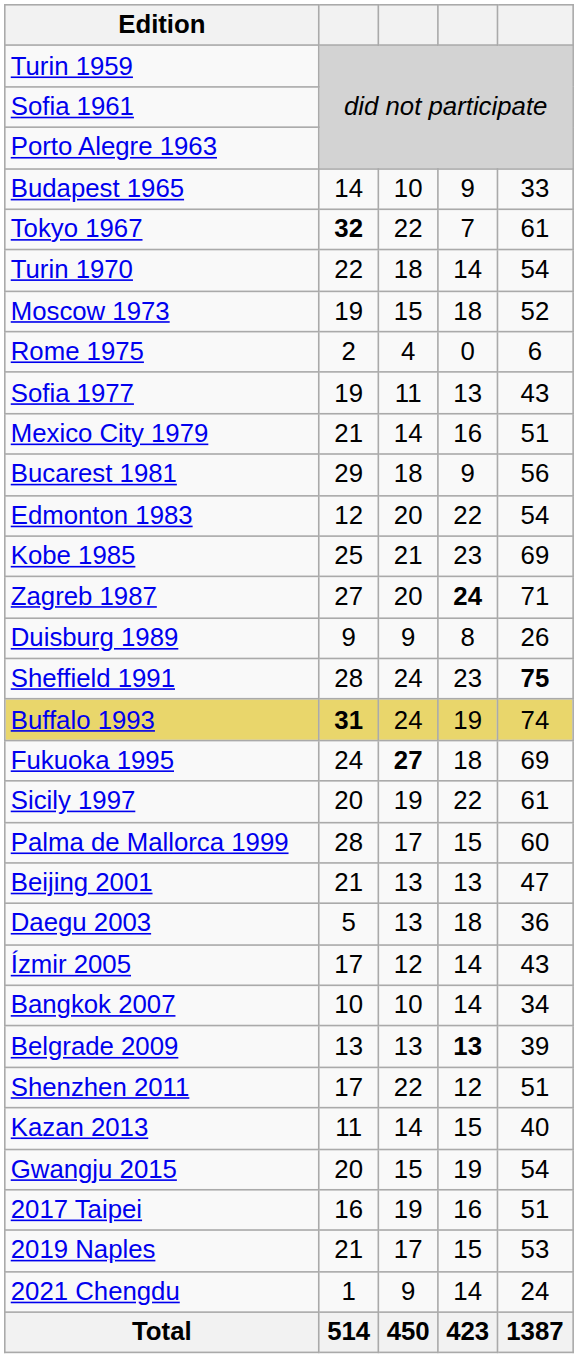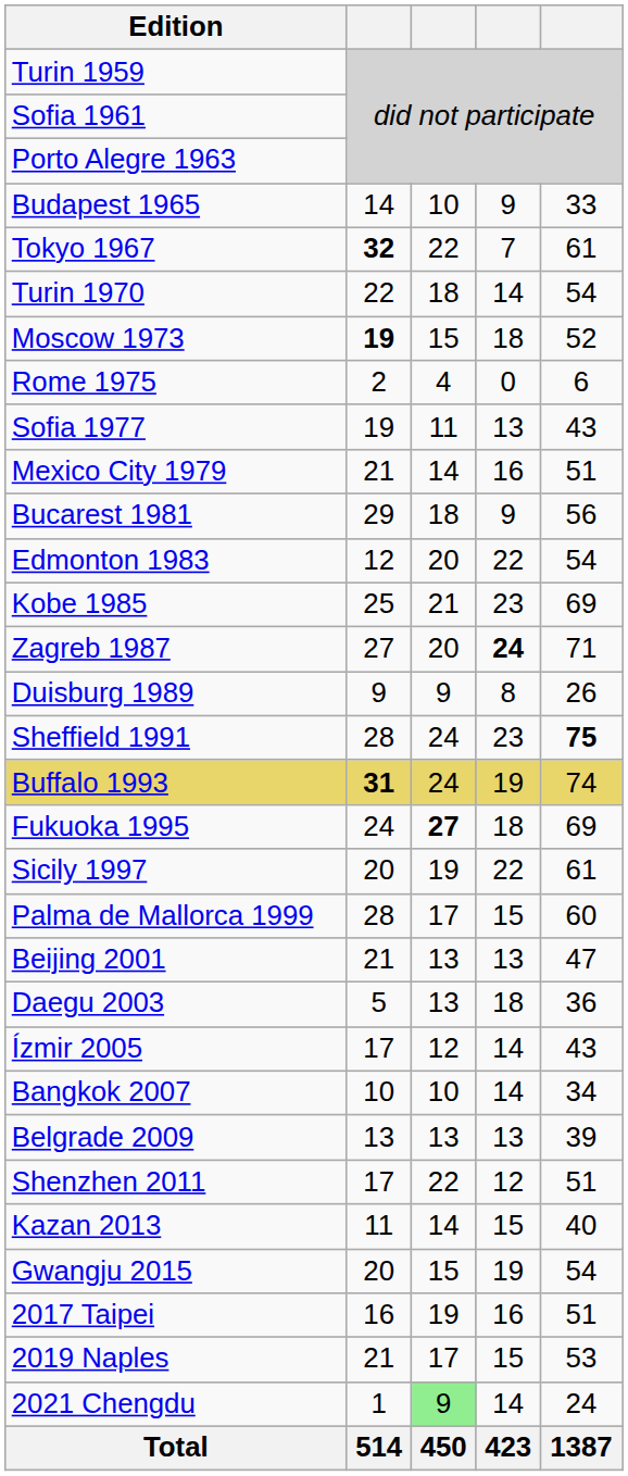 <table class="wikitable" width=40% style="font-size:100%; text-align:center;">
 <tr>
 <th>Edition</th>
 <th></th>
 <th></th>
 <th></th>
 <th></th>
 </tr>
 <tr>
 <td align=left> <a href='#'>Turin 1959</a></td>
 <td rowspan=3 colspan=4 bgcolor=lightgrey><em>did not participate</em></td>
 </tr>
 <tr>
 <td align=left> <a href='#'>Sofia 1961</a></td>
 </tr>
 <tr>
 <td align=left> <a href='#'>Porto Alegre 1963</a></td>
 </tr>
 <tr>
 <td align=left> <a href='#'>Budapest 1965</a></td>
 <td>14</td>
 <td>10</td>
 <td>9</td>
 <td>33</td>
 </tr>
 <tr>
 <td align=left> <a href='#'>Tokyo 1967</a></td>
 <td><strong>32</strong></td>
 <td>22</td>
 <td>7</td>
 <td>61</td>
 </tr>
 <tr>
 <td align=left> <a href='#'>Turin 1970</a></td>
 <td>22</td>
 <td>18</td>
 <td>14</td>
 <td>54</td>
 </tr>
 <tr>
 <td align=left> <a href='#'>Moscow 1973</a></td>
-<td>19</td>
+<td><strong>19</strong></td>
 <td>15</td>
 <td>18</td>
 <td>52</td>
 </tr>
 <tr>
 <td align=left> <a href='#'>Rome 1975</a></td>
 <td>2</td>
 <td>4</td>
 <td>0</td>
 <td>6</td>
 </tr>
 <tr>
 <td align=left> <a href='#'>Sofia 1977</a></td>
 <td>19</td>
 <td>11</td>
 <td>13</td>
 <td>43</td>
 </tr>
 <tr>
 <td align=left> <a href='#'>Mexico City 1979</a></td>
 <td>21</td>
 <td>14</td>
 <td>16</td>
 <td>51</td>
 </tr>
 <tr>
 <td align=left> <a href='#'>Bucarest 1981</a></td>
 <td>29</td>
 <td>18</td>
 <td>9</td>
 <td>56</td>
 </tr>
 <tr>
 <td align=left> <a href='#'>Edmonton 1983</a></td>
 <td>12</td>
 <td>20</td>
 <td>22</td>
 <td>54</td>
 </tr>
 <tr>
 <td align=left> <a href='#'>Kobe 1985</a></td>
 <td>25</td>
 <td>21</td>
 <td>23</td>
 <td>69</td>
 </tr>
 <tr>
 <td align=left> <a href='#'>Zagreb 1987</a></td>
 <td>27</td>
 <td>20</td>
 <td><strong>24</strong></td>
 <td>71</td>
 </tr>
 <tr>
 <td align=left> <a href='#'>Duisburg 1989</a></td>
 <td>9</td>
 <td>9</td>
 <td>8</td>
 <td>26</td>
 </tr>
 <tr>
 <td align=left> <a href='#'>Sheffield 1991</a></td>
 <td>28</td>
 <td>24</td>
 <td>23</td>
 <td><strong>75</strong></td>
 </tr>
 <tr bgcolor=E9D66B>
 <td align=left> <a href='#'>Buffalo 1993</a></td>
 <td><strong>31</strong></td>
 <td>24</td>
 <td>19</td>
 <td>74</td>
 </tr>
 <tr>
 <td align=left> <a href='#'>Fukuoka 1995</a></td>
 <td>24</td>
 <td><strong>27</strong></td>
 <td>18</td>
 <td>69</td>
 </tr>
 <tr>
 <td align=left> <a href='#'>Sicily 1997</a></td>
 <td>20</td>
 <td>19</td>
 <td>22</td>
 <td>61</td>
 </tr>
 <tr>
 <td align=left> <a href='#'>Palma de Mallorca 1999</a></td>
 <td>28</td>
 <td>17</td>
 <td>15</td>
 <td>60</td>
 </tr>
 <tr>
 <td align=left> <a href='#'>Beijing 2001</a></td>
 <td>21</td>
 <td>13</td>
 <td>13</td>
 <td>47</td>
 </tr>
 <tr>
 <td align=left> <a href='#'>Daegu 2003</a></td>
 <td>5</td>
 <td>13</td>
 <td>18</td>
 <td>36</td>
 </tr>
 <tr>
 <td align=left> <a href='#'>Ízmir 2005</a></td>
 <td>17</td>
 <td>12</td>
 <td>14</td>
 <td>43</td>
 </tr>
 <tr>
 <td align=left> <a href='#'>Bangkok 2007</a></td>
 <td>10</td>
 <td>10</td>
 <td>14</td>
 <td>34</td>
 </tr>
 <tr>
 <td align=left> <a href='#'>Belgrade 2009</a></td>
 <td>13</td>
 <td>13</td>
-<td><strong>13</strong></td>
+<td>13</td>
 <td>39</td>
 </tr>
 <tr>
 <td align=left> <a href='#'>Shenzhen 2011</a></td>
 <td>17</td>
 <td>22</td>
 <td>12</td>
 <td>51</td>
 </tr>
 <tr>
 <td align=left> <a href='#'>Kazan 2013</a></td>
 <td>11</td>
 <td>14</td>
 <td>15</td>
 <td>40</td>
 </tr>
 <tr>
 <td align=left> <a href='#'>Gwangju 2015</a></td>
 <td>20</td>
 <td>15</td>
 <td>19</td>
 <td>54</td>
 </tr>
 <tr>
 <td align=left> <a href='#'>2017 Taipei</a></td>
 <td>16</td>
 <td>19</td>
 <td>16</td>
 <td>51</td>
 </tr>
 <tr>
 <td align=left> <a href='#'>2019 Naples</a></td>
 <td>21</td>
 <td>17</td>
 <td>15</td>
 <td>53</td>
 </tr>
 <tr>
 <td align=left> <a href='#'>2021 Chengdu</a></td>
 <td>1</td>
-<td>9</td>
+<td style="background: lightgreen;">9</td>
 <td>14</td>
 <td>24</td>
 </tr>
 <tr>
 <th align-right>Total</th>
 <th>514</th>
 <th>450</th>
 <th>423</th>
 <th>1387</th>
 </tr>
 </table>
